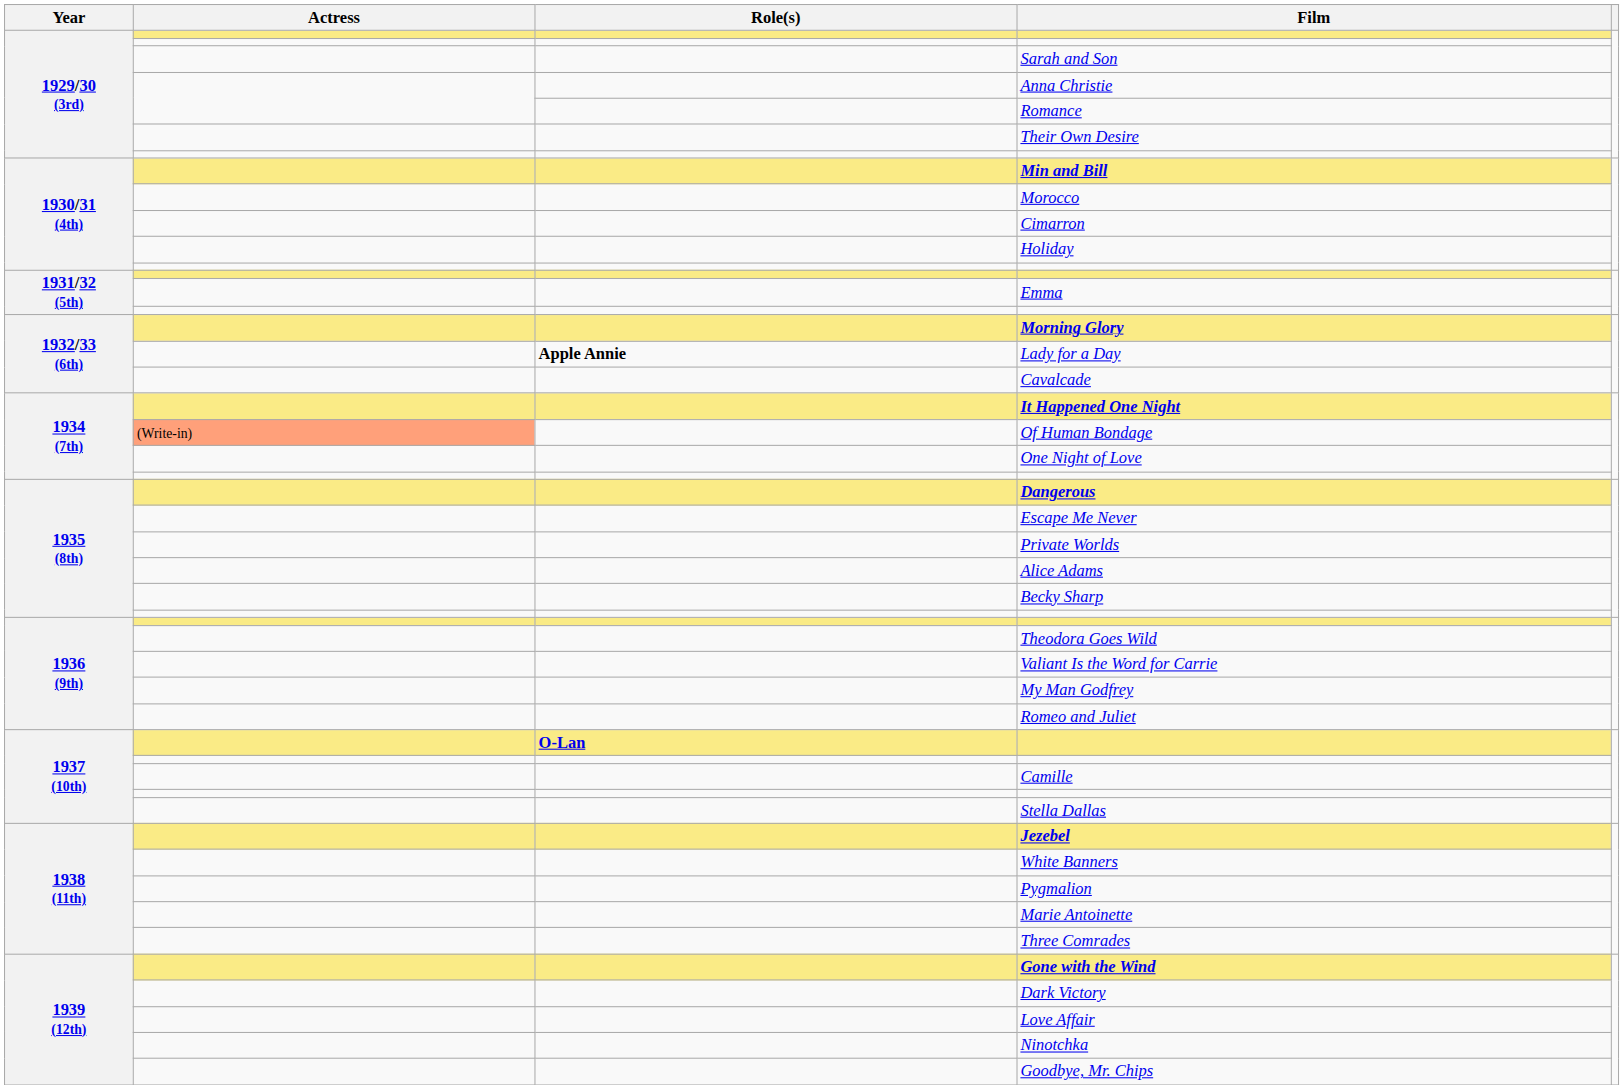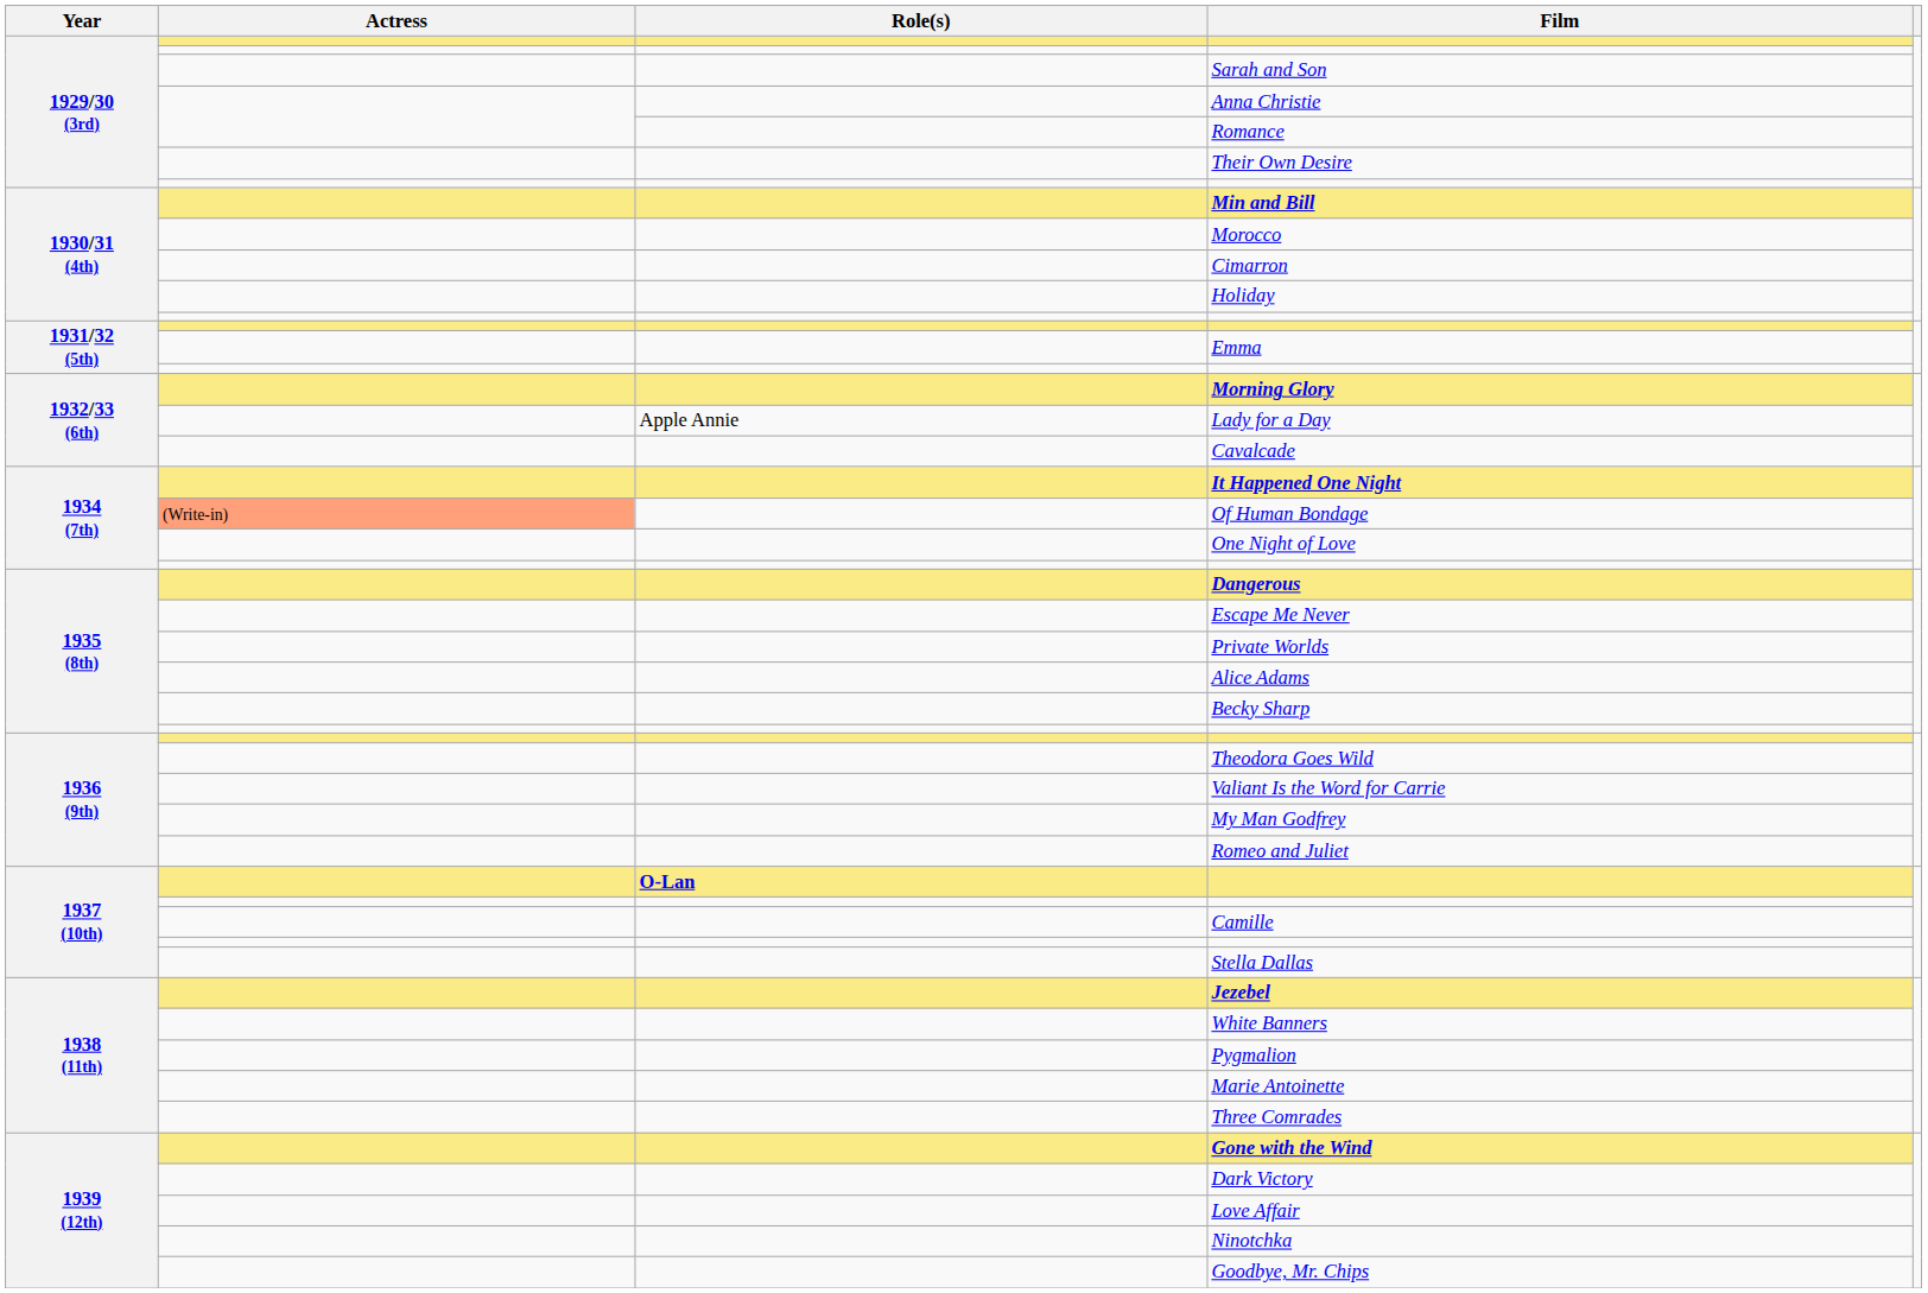 <table class="wikitable sortable">
 <tr>
 <th scope="col" style="width:8%;">Year</th>
 <th scope="col" style="width:25%;">Actress</th>
 <th scope="col" style="width:30%;">Role(s)</th>
 <th scope="col" style="width:70%;">Film</th>
 <th scope="col" style="width:2%;" class="unsortable"></th>
 </tr>
 <tr>
 <th scope="row" rowspan=7 style="text-align:center"><a href='#'>1929</a>/<a href='#'>30</a><br><small><a href='#'>(3rd)</a> </small></th>
 <td style="background:#FAEB86;"><strong> </strong></td>
 <td style="background:#FAEB86;"><strong></strong></td>
 <td style="background:#FAEB86;"><strong><em></em></strong></td>
 <td rowspan=7></td>
 </tr>
 <tr>
 <td></td>
 <td></td>
 <td></td>
 </tr>
 <tr>
 <td></td>
 <td></td>
 <td><em><a href='#'>Sarah and Son</a></em></td>
 </tr>
 <tr>
 <td rowspan=2></td>
 <td></td>
 <td><em><a href='#'>Anna Christie</a></em></td>
 </tr>
 <tr>
 <td></td>
 <td><em><a href='#'>Romance</a></em></td>
 </tr>
 <tr>
 <td></td>
 <td></td>
 <td><em><a href='#'>Their Own Desire</a></em></td>
 </tr>
 <tr>
 <td></td>
 <td></td>
 <td></td>
 </tr>
 <tr>
 <th scope="row" rowspan=5 style="text-align:center"><a href='#'>1930</a>/<a href='#'>31</a><br><small><a href='#'>(4th)</a> </small></th>
 <td style="background:#FAEB86;"><strong> </strong></td>
 <td style="background:#FAEB86;"><strong></strong></td>
 <td style="background:#FAEB86;"><strong><em><a href='#'>Min and Bill</a></em></strong></td>
 <td rowspan=5></td>
 </tr>
 <tr>
 <td></td>
 <td></td>
 <td><em><a href='#'>Morocco</a></em></td>
 </tr>
 <tr>
 <td></td>
 <td></td>
 <td><em><a href='#'>Cimarron</a></em></td>
 </tr>
 <tr>
 <td></td>
 <td></td>
 <td><em><a href='#'>Holiday</a></em></td>
 </tr>
 <tr>
 <td></td>
 <td></td>
 <td></td>
 </tr>
 <tr>
 <th scope="row" rowspan=3 style="text-align:center"><a href='#'>1931</a>/<a href='#'>32</a><br><small><a href='#'>(5th)</a> </small></th>
 <td style="background:#FAEB86;"><strong> </strong></td>
 <td style="background:#FAEB86;"><strong></strong></td>
 <td style="background:#FAEB86;"><strong></strong></td>
 <td rowspan=3></td>
 </tr>
 <tr>
 <td></td>
 <td></td>
 <td><em><a href='#'>Emma</a></em></td>
 </tr>
 <tr>
 <td></td>
 <td></td>
 <td></td>
 </tr>
 <tr>
 <th scope="row" rowspan=3 style="text-align:center"><a href='#'>1932</a>/<a href='#'>33</a><br><small><a href='#'>(6th)</a> </small></th>
 <td style="background:#FAEB86;"><strong> </strong></td>
 <td style="background:#FAEB86;"><strong></strong></td>
 <td style="background:#FAEB86;"><strong><em><a href='#'>Morning Glory</a></em></strong></td>
 <td rowspan=3></td>
 </tr>
 <tr>
 <td></td>
-<td><strong>Apple Annie</strong></td>
+<td>Apple Annie</td>
 <td><em><a href='#'>Lady for a Day</a></em></td>
 </tr>
 <tr>
 <td></td>
 <td></td>
 <td><em><a href='#'>Cavalcade</a></em></td>
 </tr>
 <tr>
 <th scope="row" rowspan=4 style="text-align:center"><a href='#'>1934</a><br><small><a href='#'>(7th)</a> </small></th>
 <td style="background:#FAEB86;"><strong> </strong></td>
 <td style="background:#FAEB86;"><strong></strong></td>
 <td style="background:#FAEB86;"><strong><em><a href='#'>It Happened One Night</a></em></strong></td>
 <td rowspan=4></td>
 </tr>
 <tr>
 <td style="background: lightsalmon;"> <small>(Write-in)</small></td>
 <td></td>
 <td><em><a href='#'>Of Human Bondage</a></em></td>
 </tr>
 <tr>
 <td></td>
 <td></td>
 <td><em><a href='#'>One Night of Love</a></em></td>
 </tr>
 <tr>
 <td></td>
 <td></td>
 <td></td>
 </tr>
 <tr>
 <th scope="row" rowspan=6 style="text-align:center"><a href='#'>1935</a><br><small><a href='#'>(8th)</a> </small></th>
 <td style="background:#FAEB86;"><strong> </strong></td>
 <td style="background:#FAEB86;"><strong></strong></td>
 <td style="background:#FAEB86;"><strong><em><a href='#'>Dangerous</a></em></strong></td>
 <td rowspan=6></td>
 </tr>
 <tr>
 <td></td>
 <td></td>
 <td><em><a href='#'>Escape Me Never</a></em></td>
 </tr>
 <tr>
 <td></td>
 <td></td>
 <td><em><a href='#'>Private Worlds</a></em></td>
 </tr>
 <tr>
 <td></td>
 <td></td>
 <td><em><a href='#'>Alice Adams</a></em></td>
 </tr>
 <tr>
 <td></td>
 <td></td>
 <td><em><a href='#'>Becky Sharp</a></em></td>
 </tr>
 <tr>
 <td></td>
 <td></td>
 <td></td>
 </tr>
 <tr>
 <th scope="row" rowspan=5 style="text-align:center"><a href='#'>1936</a><br><small><a href='#'>(9th)</a> </small></th>
 <td style="background:#FAEB86;"><strong> </strong></td>
 <td style="background:#FAEB86;"><strong></strong></td>
 <td style="background:#FAEB86;"><strong></strong></td>
 <td rowspan=5></td>
 </tr>
 <tr>
 <td></td>
 <td></td>
 <td><em><a href='#'>Theodora Goes Wild</a></em></td>
 </tr>
 <tr>
 <td></td>
 <td></td>
 <td><em><a href='#'>Valiant Is the Word for Carrie</a></em></td>
 </tr>
 <tr>
 <td></td>
 <td></td>
 <td><em><a href='#'>My Man Godfrey</a></em></td>
 </tr>
 <tr>
 <td></td>
 <td></td>
 <td><em><a href='#'>Romeo and Juliet</a></em></td>
 </tr>
 <tr>
 <th scope="row" rowspan=5 style="text-align:center"><a href='#'>1937</a><br><small><a href='#'>(10th)</a> </small></th>
 <td style="background:#FAEB86;"><strong> </strong></td>
 <td style="background:#FAEB86;"><strong><a href='#'>O-Lan</a></strong></td>
 <td style="background:#FAEB86;"><strong></strong></td>
 <td rowspan=5></td>
 </tr>
 <tr>
 <td></td>
 <td></td>
 <td></td>
 </tr>
 <tr>
 <td></td>
 <td></td>
 <td><em><a href='#'>Camille</a></em></td>
 </tr>
 <tr>
 <td></td>
 <td></td>
 <td></td>
 </tr>
 <tr>
 <td></td>
 <td></td>
 <td><em><a href='#'>Stella Dallas</a></em></td>
 </tr>
 <tr>
 <th scope="row" rowspan=5 style="text-align:center"><a href='#'>1938</a><br><small><a href='#'>(11th)</a> </small></th>
 <td style="background:#FAEB86;"><strong> </strong></td>
 <td style="background:#FAEB86;"><strong></strong></td>
 <td style="background:#FAEB86;"><strong><em><a href='#'>Jezebel</a></em></strong></td>
 <td rowspan=5></td>
 </tr>
 <tr>
 <td></td>
 <td></td>
 <td><em><a href='#'>White Banners</a></em></td>
 </tr>
 <tr>
 <td></td>
 <td></td>
 <td><em><a href='#'>Pygmalion</a></em></td>
 </tr>
 <tr>
 <td></td>
 <td></td>
 <td><em><a href='#'>Marie Antoinette</a></em></td>
 </tr>
 <tr>
 <td></td>
 <td></td>
 <td><em><a href='#'>Three Comrades</a></em></td>
 </tr>
 <tr>
 <th scope="row" rowspan=5 style="text-align:center"><a href='#'>1939</a><br><small><a href='#'>(12th)</a> </small></th>
 <td style="background:#FAEB86;"><strong> </strong></td>
 <td style="background:#FAEB86;"><strong></strong></td>
 <td style="background:#FAEB86;"><strong><em><a href='#'>Gone with the Wind</a></em></strong></td>
 <td rowspan=5></td>
 </tr>
 <tr>
 <td></td>
 <td></td>
 <td><em><a href='#'>Dark Victory</a></em></td>
 </tr>
 <tr>
 <td></td>
 <td></td>
 <td><em><a href='#'>Love Affair</a></em></td>
 </tr>
 <tr>
 <td></td>
 <td></td>
 <td><em><a href='#'>Ninotchka</a></em></td>
 </tr>
 <tr>
 <td></td>
 <td></td>
 <td><em><a href='#'>Goodbye, Mr. Chips</a></em></td>
 </tr>
 </table>
